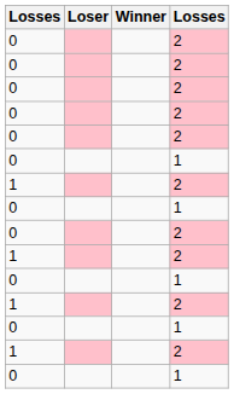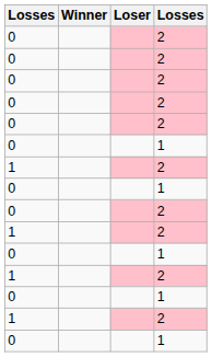 <table class=wikitable>
 <tr>
 <th>Losses</th>
+<th>Winner</th>
 <th>Loser</th>
-<th>Winner</th>
 <th>Losses</th>
 </tr>
 <tr>
 <td>0</td>
+<td></td>
 <td bgcolor=pink></td>
-<td></td>
 <td bgcolor=pink>2</td>
 </tr>
 <tr>
 <td>0</td>
+<td></td>
 <td bgcolor=pink></td>
-<td></td>
 <td bgcolor=pink>2</td>
 </tr>
 <tr>
 <td>0</td>
+<td></td>
 <td bgcolor=pink></td>
-<td></td>
 <td bgcolor=pink>2</td>
 </tr>
 <tr>
 <td>0</td>
+<td></td>
 <td bgcolor=pink></td>
-<td></td>
 <td bgcolor=pink>2</td>
 </tr>
 <tr>
 <td>0</td>
+<td></td>
 <td bgcolor=pink></td>
-<td></td>
 <td bgcolor=pink>2</td>
 </tr>
 <tr>
 <td>0</td>
 <td></td>
 <td></td>
 <td>1</td>
 </tr>
 <tr>
 <td>1</td>
+<td></td>
 <td bgcolor=pink></td>
-<td></td>
 <td bgcolor=pink>2</td>
 </tr>
 <tr>
 <td>0</td>
 <td></td>
 <td></td>
 <td>1</td>
 </tr>
 <tr>
 <td>0</td>
+<td></td>
 <td bgcolor=pink></td>
-<td></td>
 <td bgcolor=pink>2</td>
 </tr>
 <tr>
 <td>1</td>
+<td></td>
 <td bgcolor=pink></td>
-<td></td>
 <td bgcolor=pink>2</td>
 </tr>
 <tr>
 <td>0</td>
 <td></td>
 <td></td>
 <td>1</td>
 </tr>
 <tr>
 <td>1</td>
+<td></td>
 <td bgcolor=pink></td>
-<td></td>
 <td bgcolor=pink>2</td>
 </tr>
 <tr>
 <td>0</td>
 <td></td>
 <td></td>
 <td>1</td>
 </tr>
 <tr>
 <td>1</td>
+<td></td>
 <td bgcolor=pink></td>
-<td></td>
 <td bgcolor=pink>2</td>
 </tr>
 <tr>
 <td>0</td>
 <td></td>
 <td></td>
 <td>1</td>
 </tr>
 </table>
